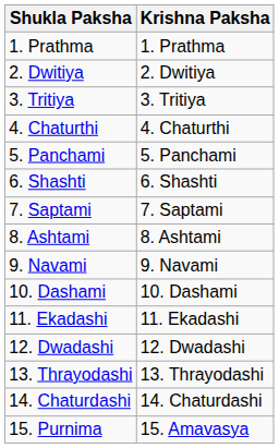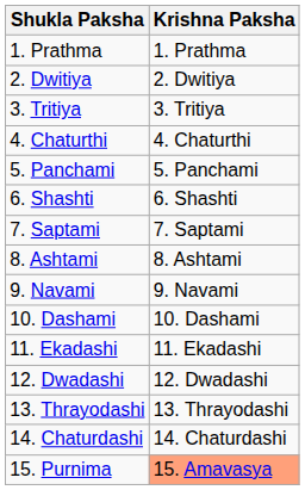 <table class="wikitable">
 <tr>
 <th>Shukla Paksha</th>
 <th>Krishna Paksha</th>
 </tr>
 <tr>
 <td>1. Prathma</td>
 <td>1. Prathma</td>
 </tr>
 <tr>
 <td>2. <a href='#'>Dwitiya</a></td>
 <td>2. Dwitiya</td>
 </tr>
 <tr>
 <td>3. <a href='#'>Tritiya</a></td>
 <td>3. Tritiya</td>
 </tr>
 <tr>
 <td>4. <a href='#'>Chaturthi</a></td>
 <td>4. Chaturthi</td>
 </tr>
 <tr>
 <td>5. <a href='#'>Panchami</a></td>
 <td>5. Panchami</td>
 </tr>
 <tr>
 <td>6. <a href='#'>Shashti</a></td>
 <td>6. Shashti</td>
 </tr>
 <tr>
 <td>7. <a href='#'>Saptami</a></td>
 <td>7. Saptami</td>
 </tr>
 <tr>
 <td>8. <a href='#'>Ashtami</a></td>
 <td>8. Ashtami</td>
 </tr>
 <tr>
 <td>9. <a href='#'>Navami</a></td>
 <td>9. Navami</td>
 </tr>
 <tr>
 <td>10. <a href='#'>Dashami</a></td>
 <td>10. Dashami</td>
 </tr>
 <tr>
 <td>11. <a href='#'>Ekadashi</a></td>
 <td>11. Ekadashi</td>
 </tr>
 <tr>
 <td>12. <a href='#'>Dwadashi</a></td>
 <td>12. Dwadashi</td>
 </tr>
 <tr>
 <td>13. <a href='#'>Thrayodashi</a></td>
 <td>13. Thrayodashi</td>
 </tr>
 <tr>
 <td>14. <a href='#'>Chaturdashi</a></td>
 <td>14. Chaturdashi</td>
 </tr>
 <tr>
 <td>15. <a href='#'>Purnima</a></td>
-<td>15. <a href='#'>Amavasya</a></td>
+<td style="background: lightsalmon;">15. <a href='#'>Amavasya</a></td>
 </tr>
 </table>
